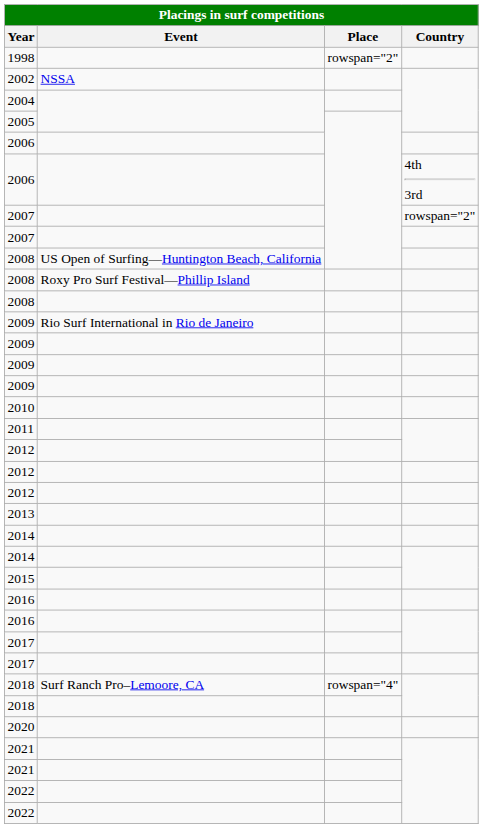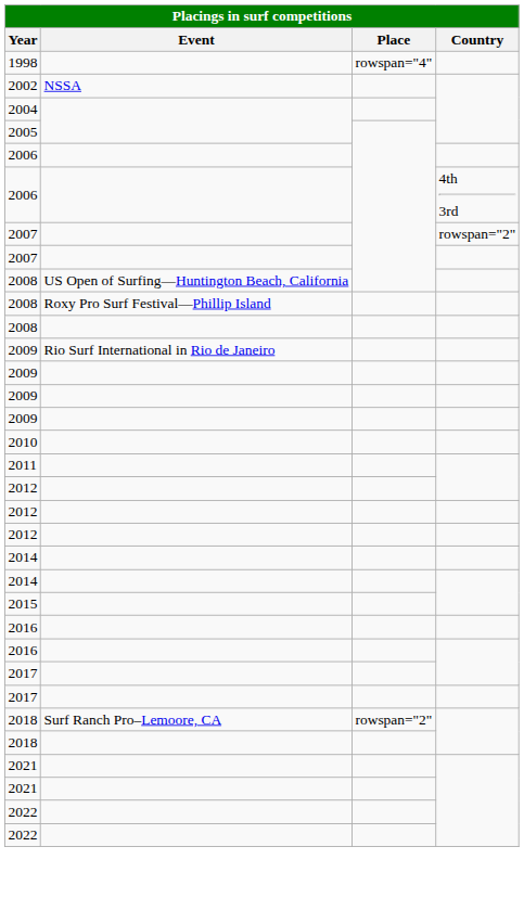 <table class="wikitable">
 <tr style="background:lime green;">
 <th colspan="4;" style="background:green; color:white; text-align:center;">Placings in surf competitions</th>
 </tr>
 <tr>
 <th>Year</th>
 <th>Event</th>
 <th>Place</th>
 <th>Country</th>
 </tr>
 <tr>
 <td>1998</td>
 <td></td>
-<td>rowspan="2" </td>
+<td>rowspan="4" </td>
 <td></td>
 </tr>
 <tr>
 <td>2002</td>
 <td><a href='#'>NSSA</a></td>
 <td></td>
 </tr>
 <tr>
 <td>2004</td>
 <td rowspan="2"></td>
 <td></td>
 </tr>
 <tr>
 <td>2005</td>
 <td rowspan="6"></td>
 </tr>
 <tr>
 <td>2006</td>
 <td></td>
 <td></td>
 </tr>
 <tr>
 <td>2006</td>
 <td></td>
 <td>4th<hr>3rd</td>
 </tr>
 <tr>
 <td>2007</td>
 <td></td>
 <td>rowspan="2" </td>
 </tr>
 <tr>
 <td>2007</td>
 <td></td>
 </tr>
 <tr>
 <td>2008</td>
 <td>US Open of Surfing—<a href='#'>Huntington Beach, California</a></td>
 <td></td>
 </tr>
 <tr>
 <td>2008</td>
 <td>Roxy Pro Surf Festival—<a href='#'>Phillip Island</a></td>
 <td></td>
 <td></td>
 </tr>
 <tr>
 <td>2008</td>
 <td></td>
 <td></td>
 <td></td>
 </tr>
 <tr>
 <td>2009</td>
 <td>Rio Surf International in <a href='#'>Rio de Janeiro</a></td>
 <td></td>
 <td></td>
 </tr>
 <tr>
 <td>2009</td>
 <td></td>
 <td></td>
 <td></td>
 </tr>
 <tr>
 <td>2009</td>
 <td></td>
 <td></td>
 <td></td>
 </tr>
 <tr>
 <td>2009</td>
 <td></td>
 <td></td>
 <td></td>
 </tr>
 <tr>
 <td>2010</td>
 <td></td>
 <td></td>
 <td></td>
 </tr>
 <tr>
 <td>2011</td>
 <td></td>
 <td></td>
 <td rowspan="2"></td>
 </tr>
 <tr>
 <td>2012</td>
 <td></td>
 <td></td>
 </tr>
 <tr>
 <td>2012</td>
 <td></td>
 <td></td>
 <td></td>
 </tr>
 <tr>
 <td>2012</td>
 <td></td>
 <td></td>
 <td></td>
 </tr>
 <tr>
-<td>2013</td>
-<td></td>
-<td></td>
-<td></td>
-</tr>
-<tr>
 <td>2014</td>
 <td></td>
 <td></td>
 <td></td>
 </tr>
 <tr>
 <td>2014</td>
 <td></td>
 <td></td>
 <td rowspan="2"></td>
 </tr>
 <tr>
 <td>2015</td>
 <td></td>
 <td></td>
 </tr>
 <tr>
 <td>2016</td>
 <td></td>
 <td></td>
 <td></td>
 </tr>
 <tr>
 <td>2016</td>
 <td></td>
 <td></td>
 <td rowspan="2"></td>
 </tr>
 <tr>
 <td>2017</td>
 <td></td>
 <td></td>
 </tr>
 <tr>
 <td>2017</td>
 <td></td>
 <td></td>
 <td></td>
 </tr>
 <tr>
 <td>2018</td>
 <td>Surf Ranch Pro–<a href='#'>Lemoore, CA</a></td>
-<td>rowspan="4" </td>
+<td>rowspan="2" </td>
 <td rowspan="2"></td>
 </tr>
 <tr>
 <td>2018</td>
-<td></td>
-</tr>
-<tr>
-<td>2020</td>
-<td></td>
-<td></td>
 <td></td>
 </tr>
 <tr>
 <td>2021</td>
 <td></td>
 <td></td>
 <td rowspan="4"></td>
 </tr>
 <tr>
 <td>2021</td>
 <td></td>
 <td></td>
 </tr>
 <tr>
 <td>2022</td>
 <td></td>
 <td></td>
 </tr>
 <tr>
 <td>2022</td>
 <td></td>
 <td></td>
 </tr>
 </table>
